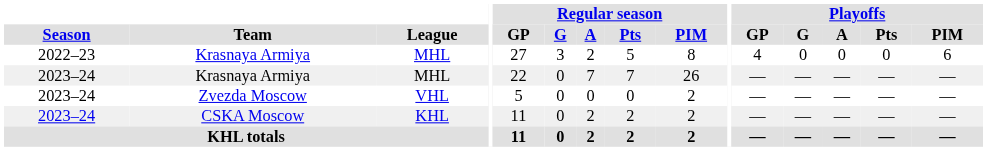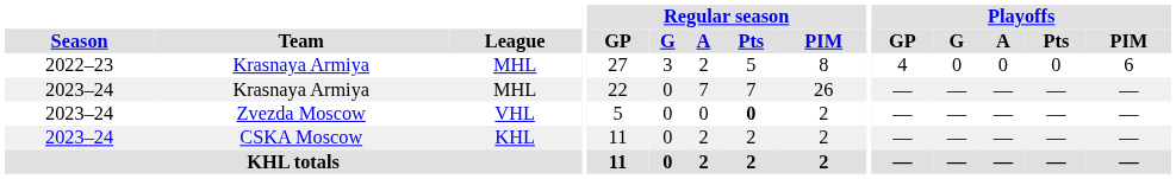 <table border="0" cellpadding="1" cellspacing="0" style="text-align:center; width:60em">
 <tr bgcolor="#e0e0e0">
 <th colspan="3" bgcolor="#ffffff"></th>
 <th rowspan="100" bgcolor="#ffffff"></th>
 <th colspan="5"><a href='#'>Regular season</a></th>
 <th rowspan="100" bgcolor="#ffffff"></th>
 <th colspan="5"><a href='#'>Playoffs</a></th>
 </tr>
 <tr bgcolor="#e0e0e0">
 <th><a href='#'>Season</a></th>
 <th>Team</th>
 <th>League</th>
 <th>GP</th>
 <th><a href='#'>G</a></th>
 <th><a href='#'>A</a></th>
 <th><a href='#'>Pts</a></th>
 <th><a href='#'>PIM</a></th>
 <th>GP</th>
 <th>G</th>
 <th>A</th>
 <th>Pts</th>
 <th>PIM</th>
 </tr>
 <tr>
 <td>2022–23</td>
 <td><a href='#'>Krasnaya Armiya</a></td>
 <td><a href='#'>MHL</a></td>
 <td>27</td>
 <td>3</td>
 <td>2</td>
 <td>5</td>
 <td>8</td>
 <td>4</td>
 <td>0</td>
 <td>0</td>
 <td>0</td>
 <td>6</td>
 </tr>
 <tr bgcolor="f0f0f0">
 <td>2023–24</td>
 <td>Krasnaya Armiya</td>
 <td>MHL</td>
 <td>22</td>
 <td>0</td>
 <td>7</td>
 <td>7</td>
 <td>26</td>
 <td>—</td>
 <td>—</td>
 <td>—</td>
 <td>—</td>
 <td>—</td>
 </tr>
 <tr>
 <td>2023–24</td>
 <td><a href='#'>Zvezda Moscow</a></td>
 <td><a href='#'>VHL</a></td>
 <td>5</td>
 <td>0</td>
 <td>0</td>
-<td>0</td>
+<td><strong>0</strong></td>
 <td>2</td>
 <td>—</td>
 <td>—</td>
 <td>—</td>
 <td>—</td>
 <td>—</td>
 </tr>
 <tr bgcolor="f0f0f0">
 <td><a href='#'>2023–24</a></td>
 <td><a href='#'>CSKA Moscow</a></td>
 <td><a href='#'>KHL</a></td>
 <td>11</td>
 <td>0</td>
 <td>2</td>
 <td>2</td>
 <td>2</td>
 <td>—</td>
 <td>—</td>
 <td>—</td>
 <td>—</td>
 <td>—</td>
 </tr>
 <tr bgcolor="#e0e0e0">
 <th colspan="3">KHL totals</th>
 <th>11</th>
 <th>0</th>
 <th>2</th>
 <th>2</th>
 <th>2</th>
 <th>—</th>
 <th>—</th>
 <th>—</th>
 <th>—</th>
 <th>—</th>
 </tr>
 </table>
